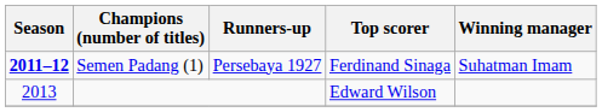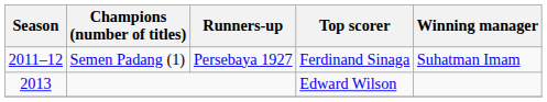 <table class="sortable wikitable">
 <tr>
 <th scope=col>Season</th>
 <th scope=col>Champions<br>(number of titles)</th>
 <th scope=col>Runners-up</th>
 <th scope=col>Top scorer </th>
 <th scope=col>Winning manager</th>
 </tr>
 <tr>
-<td align=center><strong><a href='#'>2011–12</a></strong></td>
+<td align=center><a href='#'>2011–12</a></td>
 <td><a href='#'>Semen Padang</a> (1)</td>
 <td><a href='#'>Persebaya 1927</a></td>
 <td> <a href='#'>Ferdinand Sinaga</a> </td>
 <td> <a href='#'>Suhatman Imam</a></td>
 </tr>
 <tr>
 <td align=center><a href='#'>2013</a></td>
 <td colspan=2></td>
 <td> <a href='#'>Edward Wilson</a> </td>
 <td></td>
 </tr>
 <tr>
 </tr>
 </table>
